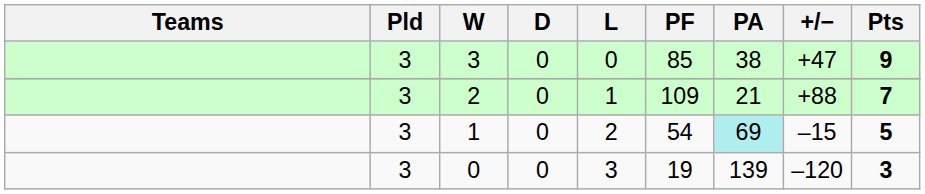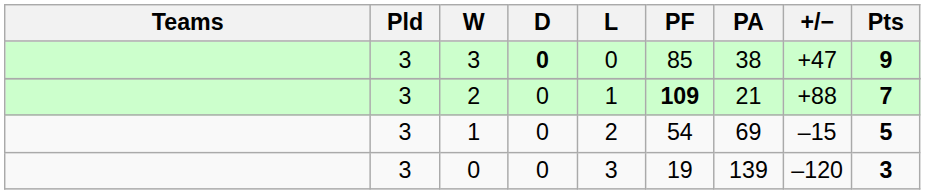 <table class="wikitable" style="text-align: center;">
 <tr>
 <th width="245">Teams</th>
 <th width="40">Pld</th>
 <th width="40">W</th>
 <th width="40">D</th>
 <th width="40">L</th>
 <th width="40">PF</th>
 <th width="40">PA</th>
 <th width="40">+/−</th>
 <th width="40">Pts</th>
 </tr>
 <tr bgcolor=ccffcc>
 <td align=left></td>
 <td>3</td>
 <td>3</td>
-<td>0</td>
+<td><strong>0</strong></td>
 <td>0</td>
 <td>85</td>
 <td>38</td>
 <td>+47</td>
 <td><strong>9</strong></td>
 </tr>
 <tr>
 </tr>
 <tr bgcolor=ccffcc>
 <td align=left></td>
 <td>3</td>
 <td>2</td>
 <td>0</td>
 <td>1</td>
-<td>109</td>
+<td><strong>109</strong></td>
 <td>21</td>
 <td>+88</td>
 <td><strong>7</strong></td>
 </tr>
 <tr>
 <td align=left></td>
 <td>3</td>
 <td>1</td>
 <td>0</td>
 <td>2</td>
 <td>54</td>
-<td style="background: paleturquoise;">69</td>
+<td>69</td>
 <td>–15</td>
 <td><strong>5</strong></td>
 </tr>
 <tr>
 <td align=left></td>
 <td>3</td>
 <td>0</td>
 <td>0</td>
 <td>3</td>
 <td>19</td>
 <td>139</td>
 <td>–120</td>
 <td><strong>3</strong></td>
 </tr>
 </table>
